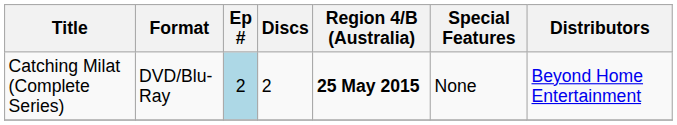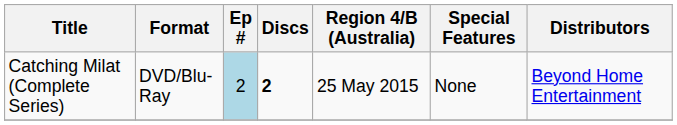 <table class="wikitable">
 <tr>
 <th>Title</th>
 <th>Format</th>
 <th>Ep #</th>
 <th>Discs</th>
 <th>Region 4/B (Australia)</th>
 <th>Special Features</th>
 <th>Distributors</th>
 </tr>
 <tr>
 <td>Catching Milat (Complete Series)</td>
 <td>DVD/Blu-Ray</td>
 <td style="background: lightblue; text-align:center;">2</td>
-<td>2</td>
-<td><strong>25 May 2015</strong></td>
+<td><strong>2</strong></td>
+<td>25 May 2015</td>
 <td>None</td>
 <td><a href='#'>Beyond Home Entertainment</a></td>
 </tr>
 <tr>
 </tr>
 </table>
